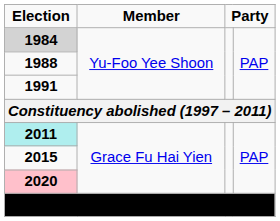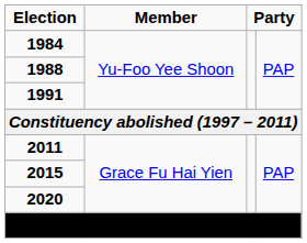 <table class="wikitable" align="center" style="text-align:center">
 <tr>
 <td><strong>Election </strong></td>
 <td><strong>Member</strong></td>
 <td colspan="2"><strong>Party</strong></td>
 </tr>
 <tr>
-<td style="background: lightgrey;"><strong>1984</strong></td>
+<td><strong>1984</strong></td>
 <td rowspan="3"><a href='#'>Yu-Foo Yee Shoon</a></td>
 <td rowspan="3"></td>
 <td rowspan="3"><a href='#'>PAP</a></td>
 </tr>
 <tr>
 <td><strong>1988</strong></td>
 </tr>
 <tr>
 <td><strong>1991</strong></td>
 </tr>
 <tr>
 <th colspan="4"><em>Constituency abolished (1997 – 2011)</em></th>
 </tr>
 <tr>
-<td style="background: paleturquoise;"><strong>2011</strong></td>
+<td><strong>2011</strong></td>
 <td rowspan="3"><a href='#'>Grace Fu Hai Yien</a></td>
 <td rowspan="3"></td>
 <td rowspan="3"><a href='#'>PAP</a></td>
 </tr>
 <tr>
 <td><strong>2015</strong></td>
 </tr>
 <tr>
-<td style="background: pink;"><strong>2020</strong></td>
+<td><strong>2020</strong></td>
 </tr>
 <tr>
 <td colspan=4 bgcolor=black><span><strong>Constituency abolished (2025)</strong></span></td>
 </tr>
 <tr>
 </tr>
 </table>
